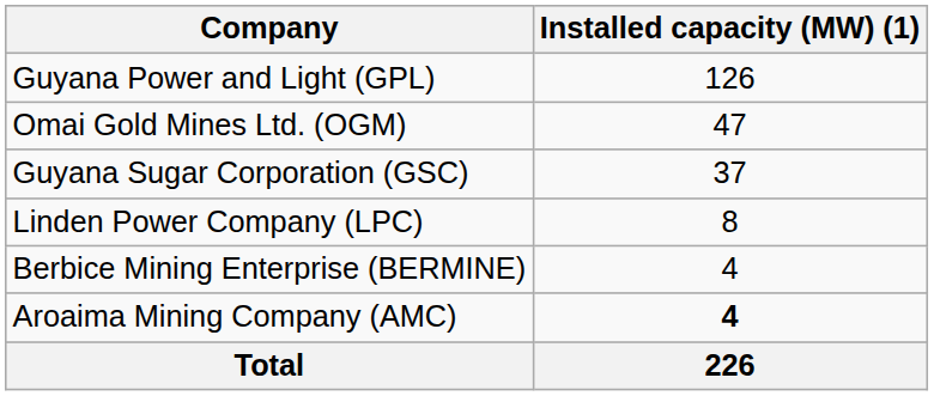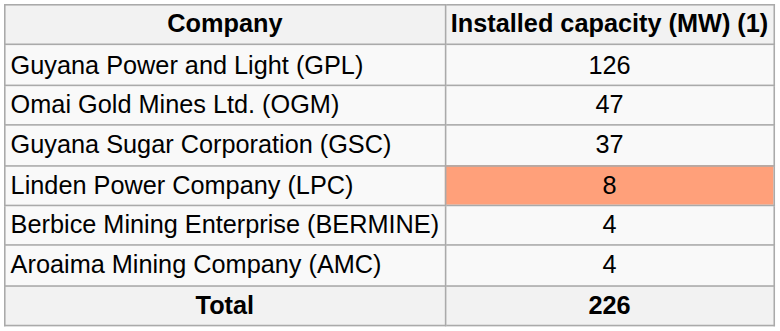 <table class="wikitable">
 <tr>
 <th !style="text-align: center; background-color:#ffdead;">Company</th>
 <th !style="text-align: center; background-color:#ffdead;">Installed capacity (MW) (1)</th>
 </tr>
 <tr>
 <td>Guyana Power and Light (GPL)</td>
 <td align="center">126</td>
 </tr>
 <tr>
 <td>Omai Gold Mines Ltd. (OGM)</td>
 <td align="center">47</td>
 </tr>
 <tr>
 <td>Guyana Sugar Corporation (GSC)</td>
 <td align="center">37</td>
 </tr>
 <tr>
 <td>Linden Power Company (LPC)</td>
-<td align="center">8</td>
+<td align="center" style="background: lightsalmon;">8</td>
 </tr>
 <tr>
 <td>Berbice Mining Enterprise (BERMINE)</td>
 <td align="center">4</td>
 </tr>
 <tr>
 <td>Aroaima Mining Company (AMC)</td>
-<td align="center"><strong>4</strong></td>
+<td align="center">4</td>
 </tr>
 <tr>
 <th>Total</th>
 <th align="center">226</th>
 </tr>
 </table>
